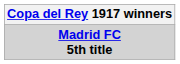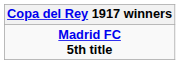 <table class="wikitable" style="text-align: center; margin: 0 auto;">
 <tr>
 <th><a href='#'>Copa del Rey</a> 1917 winners</th>
 </tr>
 <tr>
-<td style="background: lightgrey;"><strong><a href='#'>Madrid FC</a></strong><br><strong>5th title</strong></td>
+<td><strong><a href='#'>Madrid FC</a></strong><br><strong>5th title</strong></td>
 </tr>
 </table>
